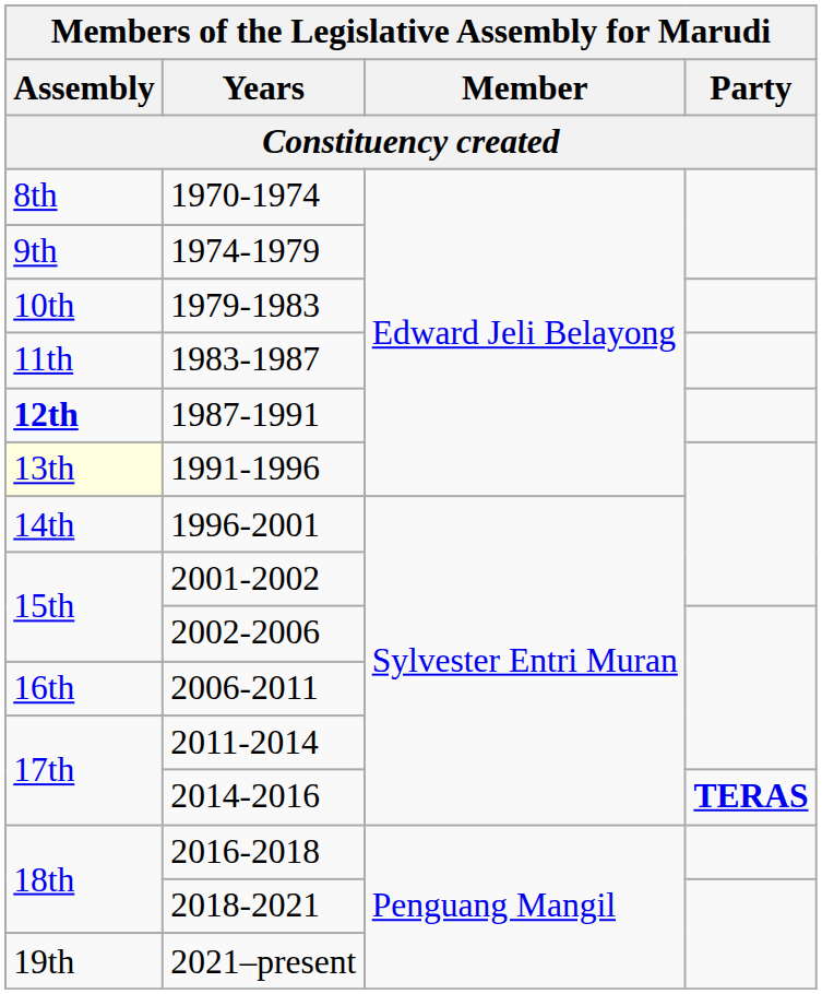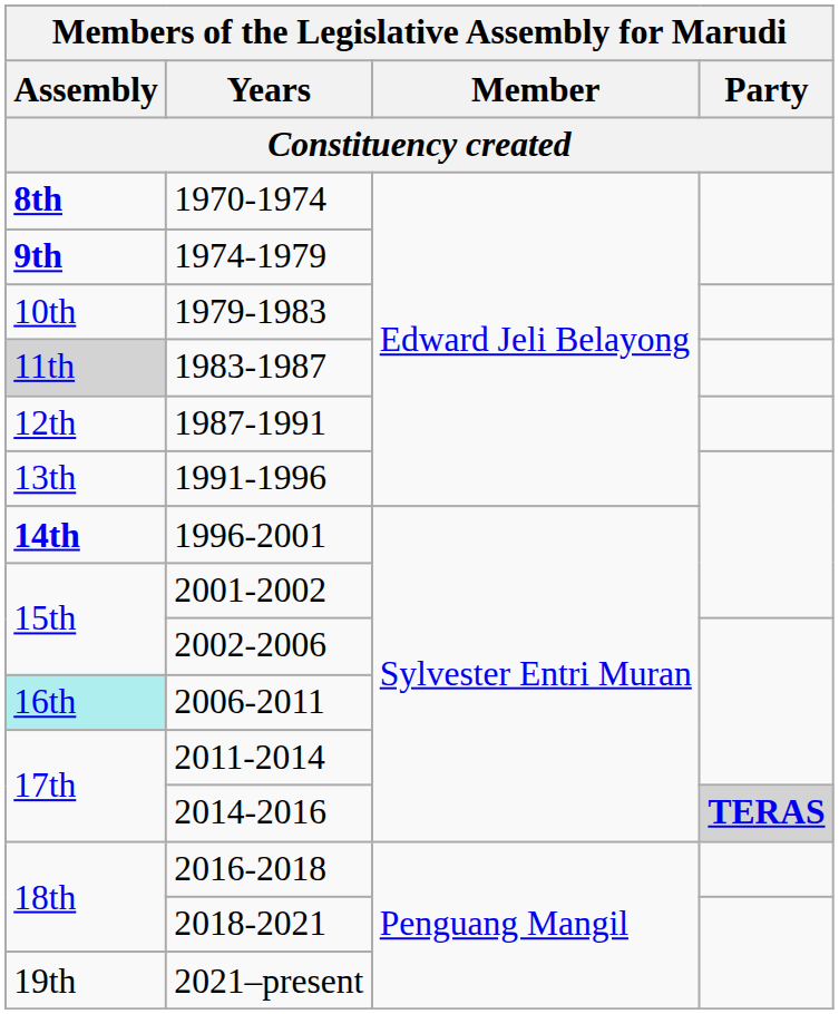 <table class=wikitable>
 <tr>
 <th colspan="4">Members of the Legislative Assembly for Marudi</th>
 </tr>
 <tr>
 <th>Assembly</th>
 <th>Years</th>
 <th>Member</th>
 <th>Party</th>
 </tr>
 <tr>
 <th colspan=4 align=center><em>Constituency created</em></th>
 </tr>
 <tr>
-<td><a href='#'>8th</a></td>
+<td><strong><a href='#'>8th</a></strong></td>
 <td>1970-1974</td>
 <td rowspan=6><a href='#'>Edward Jeli Belayong</a></td>
 <td rowspan=2></td>
 </tr>
 <tr>
-<td><a href='#'>9th</a></td>
+<td><strong><a href='#'>9th</a></strong></td>
 <td>1974-1979</td>
 </tr>
 <tr>
 <td><a href='#'>10th</a></td>
 <td>1979-1983</td>
 <td></td>
 </tr>
 <tr>
-<td><a href='#'>11th</a></td>
+<td style="background: lightgrey;"><a href='#'>11th</a></td>
 <td>1983-1987</td>
 <td></td>
 </tr>
 <tr>
-<td><strong><a href='#'>12th</a></strong></td>
+<td><a href='#'>12th</a></td>
 <td>1987-1991</td>
 <td></td>
 </tr>
 <tr>
-<td style="background: lightyellow;"><a href='#'>13th</a></td>
+<td><a href='#'>13th</a></td>
 <td>1991-1996</td>
 <td rowspan=3></td>
 </tr>
 <tr>
-<td><a href='#'>14th</a></td>
+<td><strong><a href='#'>14th</a></strong></td>
 <td>1996-2001</td>
 <td rowspan=6><a href='#'>Sylvester Entri Muran</a></td>
 </tr>
 <tr>
 <td rowspan=2><a href='#'>15th</a></td>
 <td>2001-2002</td>
 </tr>
 <tr>
 <td>2002-2006</td>
 <td rowspan=3></td>
 </tr>
 <tr>
-<td><a href='#'>16th</a></td>
+<td style="background: paleturquoise;"><a href='#'>16th</a></td>
 <td>2006-2011</td>
 </tr>
 <tr>
 <td rowspan=2><a href='#'>17th</a></td>
 <td>2011-2014</td>
 </tr>
 <tr>
 <td>2014-2016</td>
-<td><strong><a href='#'>TERAS</a></strong></td>
+<td style="background: lightgrey;"><strong><a href='#'>TERAS</a></strong></td>
 </tr>
 <tr>
 <td rowspan="2"><a href='#'>18th</a></td>
 <td>2016-2018</td>
 <td rowspan="3"><a href='#'>Penguang Mangil</a></td>
 <td></td>
 </tr>
 <tr>
 <td>2018-2021</td>
 <td rowspan="2"></td>
 </tr>
 <tr>
 <td>19th</td>
 <td>2021–present</td>
 </tr>
 </table>
